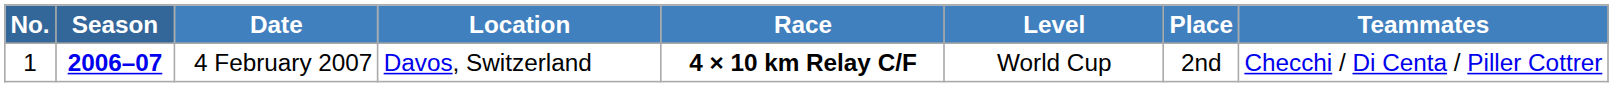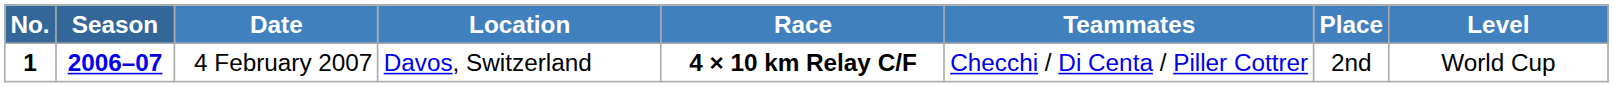 <table class="wikitable sortable" style="font-size:95%; text-align:center; border:grey solid 1px; border-collapse:collapse; background:#ffffff;">
 <tr style="background:#efefef;">
 <th style="background-color:#369; color:white;">No.</th>
 <th style="background-color:#369; color:white;">Season</th>
 <th style="background-color:#4180be; color:white; width:120px;">Date</th>
 <th style="background-color:#4180be; color:white; width:170px;">Location</th>
 <th style="background-color:#4180be; color:white; width:170px;">Race</th>
+<th style="background-color:#4180be; color:white;">Teammates</th>
+<th style="background-color:#4180be; color:white;">Place</th>
 <th style="background-color:#4180be; color:white; width:130px;">Level</th>
-<th style="background-color:#4180be; color:white;">Place</th>
-<th style="background-color:#4180be; color:white;">Teammates</th>
 </tr>
 <tr>
-<td align=center>1</td>
+<td align=center><strong>1</strong></td>
 <td rowspan=1 align=center><strong> <a href='#'>2006–07</a> </strong></td>
 <td align=right>4 February 2007</td>
 <td align=left> <a href='#'>Davos</a>, Switzerland</td>
 <td><strong>4 × 10 km Relay C/F</strong></td>
+<td><a href='#'>Checchi</a> / <a href='#'>Di Centa</a> / <a href='#'>Piller Cottrer</a></td>
+<td>2nd</td>
 <td>World Cup</td>
-<td>2nd</td>
-<td><a href='#'>Checchi</a> / <a href='#'>Di Centa</a> / <a href='#'>Piller Cottrer</a></td>
 </tr>
 </table>
